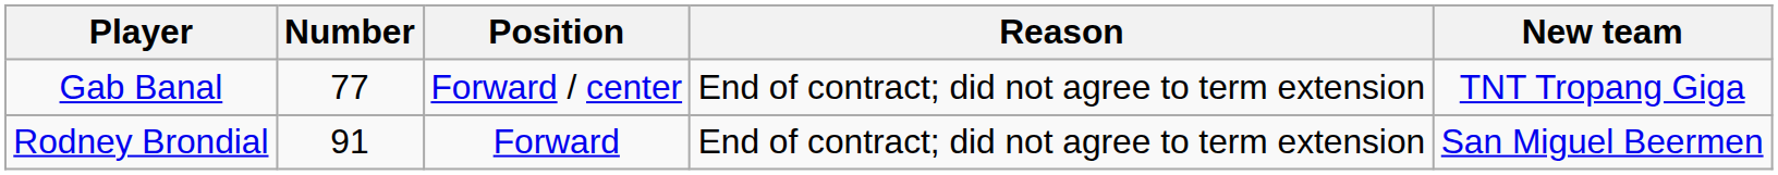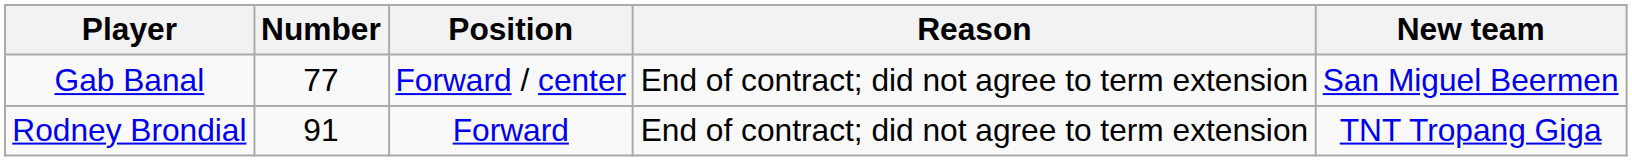 <table class="wikitable sortable sortable">
 <tr>
 <th>Player</th>
 <th>Number</th>
 <th>Position</th>
 <th>Reason</th>
 <th>New team</th>
 </tr>
 <tr style="text-align: center">
 <td><a href='#'>Gab Banal</a></td>
 <td>77</td>
 <td><a href='#'>Forward</a> / <a href='#'>center</a></td>
 <td>End of contract; did not agree to term extension</td>
-<td><a href='#'>TNT Tropang Giga</a></td>
+<td><a href='#'>San Miguel Beermen</a></td>
 </tr>
 <tr style="text-align: center">
 <td><a href='#'>Rodney Brondial</a></td>
 <td>91</td>
 <td><a href='#'>Forward</a></td>
 <td>End of contract; did not agree to term extension</td>
-<td><a href='#'>San Miguel Beermen</a></td>
+<td><a href='#'>TNT Tropang Giga</a></td>
 </tr>
 </table>
